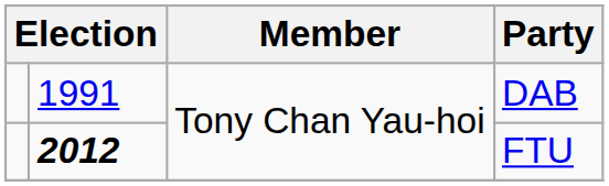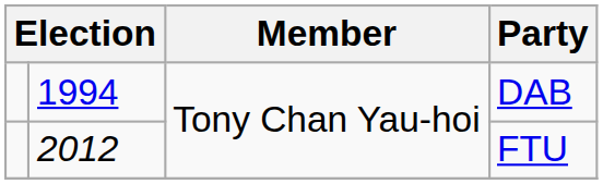 <table class="wikitable">
 <tr>
 <th colspan="2">Election</th>
 <th>Member</th>
 <th>Party</th>
 </tr>
 <tr>
 <td style="background-color: "></td>
-<td><a href='#'>1991</a></td>
+<td><a href='#'>1994</a></td>
 <td rowspan=2>Tony Chan Yau-hoi</td>
 <td><a href='#'>DAB</a></td>
 </tr>
 <tr>
 <td style="background-color: "></td>
-<td><strong><em>2012</em></strong></td>
+<td><em>2012</em></td>
 <td><a href='#'>FTU</a></td>
 </tr>
 <tr>
 </tr>
 </table>
